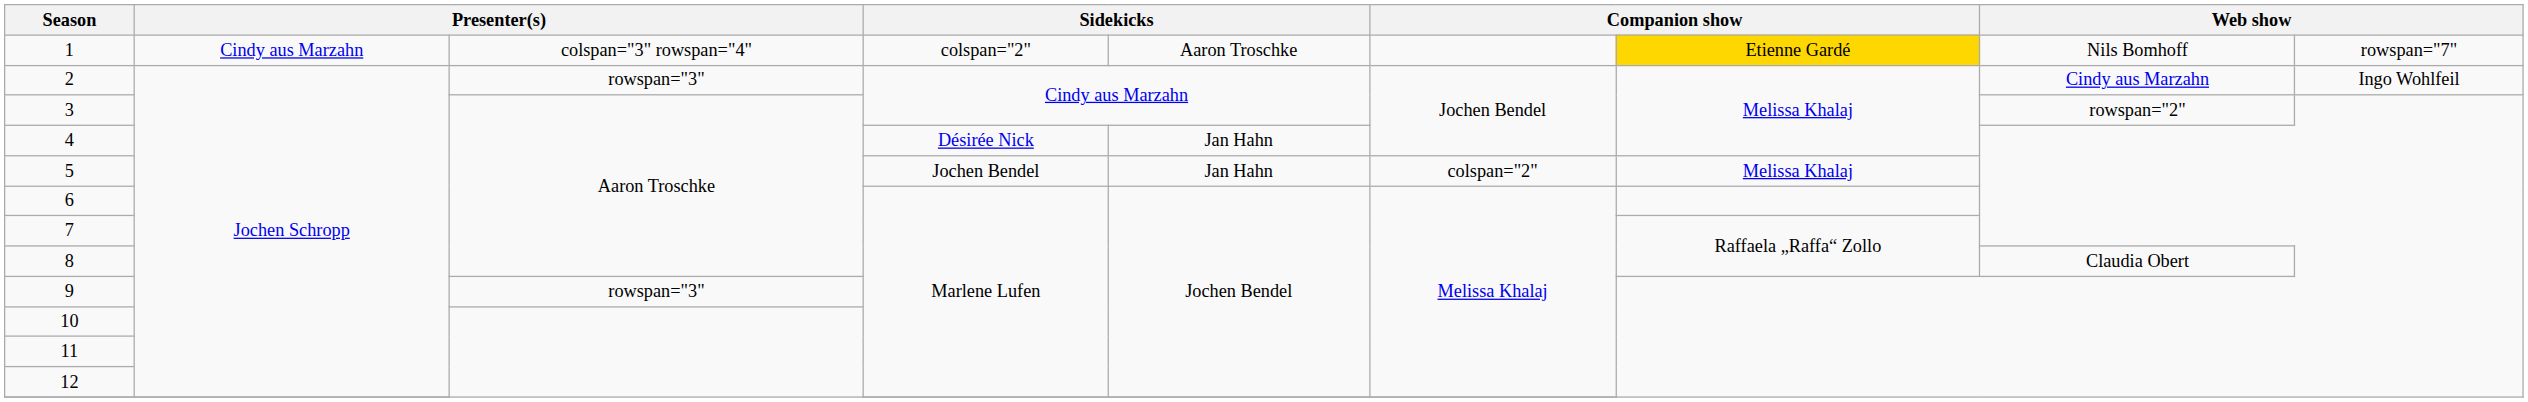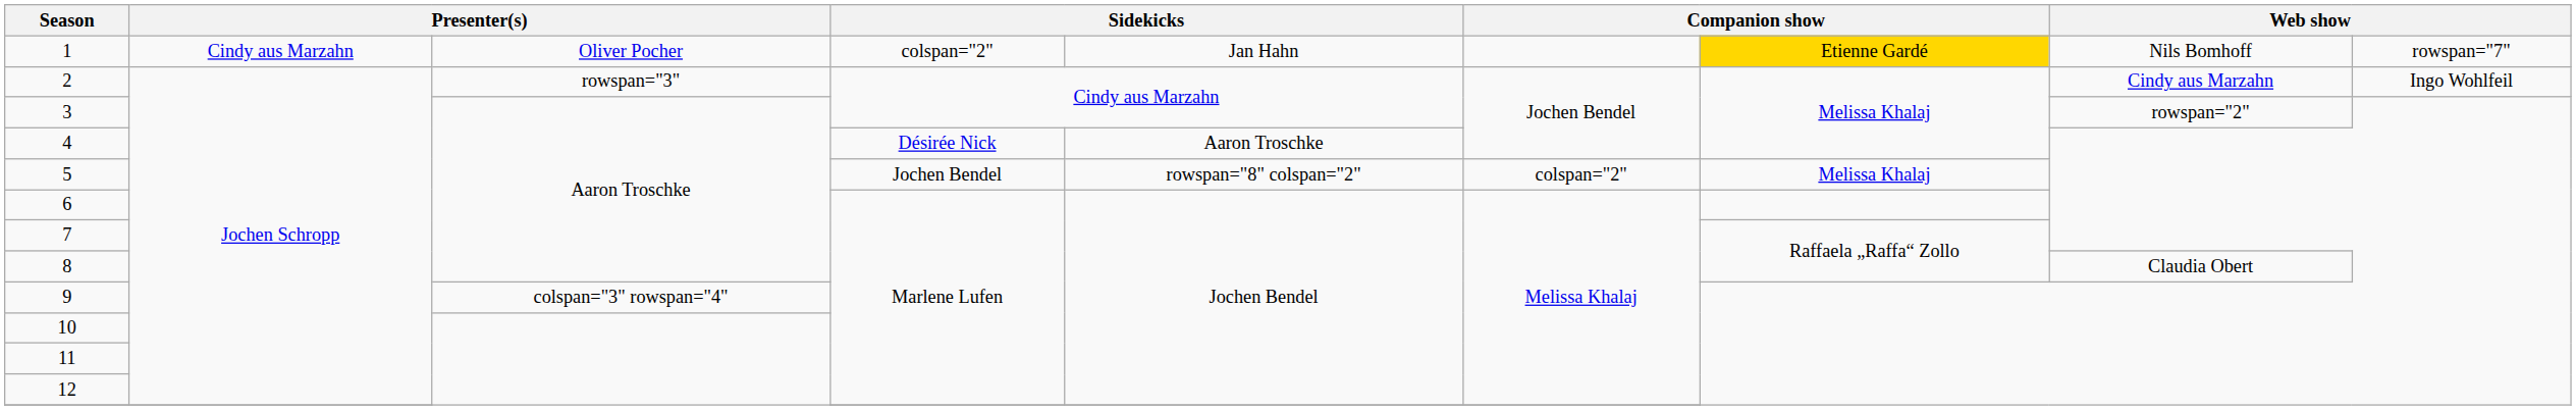 <table class="wikitable float-right" style="width:100%; text-align:center; font-size:90%;">
 <tr>
 <th>Season</th>
 <th colspan="2">Presenter(s)</th>
 <th colspan="2">Sidekicks</th>
 <th colspan="2">Companion show</th>
 <th colspan="3">Web show</th>
 </tr>
 <tr>
 <td>1</td>
 <td><a href='#'>Cindy aus Marzahn</a></td>
-<td>colspan="3" rowspan="4" </td>
+<td><a href='#'>Oliver Pocher</a></td>
 <td>colspan="2" </td>
-<td>Aaron Troschke</td>
+<td>Jan Hahn</td>
 <td></td>
 <td style="background: gold;">Etienne Gardé</td>
 <td>Nils Bomhoff</td>
 <td>rowspan="7" </td>
 </tr>
 <tr>
 <td>2</td>
 <td rowspan="11"><a href='#'>Jochen Schropp</a></td>
 <td>rowspan="3" </td>
 <td rowspan="2" colspan="2"><a href='#'>Cindy aus Marzahn</a></td>
 <td rowspan="3">Jochen Bendel</td>
 <td rowspan="3"><a href='#'>Melissa Khalaj</a></td>
 <td><a href='#'>Cindy aus Marzahn</a></td>
 <td>Ingo Wohlfeil</td>
 </tr>
 <tr>
 <td>3</td>
 <td rowspan="6">Aaron Troschke</td>
 <td>rowspan="2" </td>
 </tr>
 <tr>
 <td>4</td>
 <td><a href='#'>Désirée Nick</a></td>
-<td>Jan Hahn</td>
+<td>Aaron Troschke</td>
 </tr>
 <tr>
 <td>5</td>
 <td>Jochen Bendel</td>
-<td>Jan Hahn</td>
+<td>rowspan="8" colspan="2" </td>
 <td>colspan="2" </td>
 <td><a href='#'>Melissa Khalaj</a></td>
 </tr>
 <tr>
 <td>6</td>
 <td rowspan="7">Marlene Lufen</td>
 <td rowspan="7">Jochen Bendel</td>
 <td rowspan="7"><a href='#'>Melissa Khalaj</a></td>
 <td></td>
 </tr>
 <tr>
 <td>7</td>
 <td rowspan="2">Raffaela „Raffa“ Zollo</td>
 </tr>
 <tr>
 <td>8</td>
 <td>Claudia Obert</td>
 </tr>
 <tr>
 <td>9</td>
-<td>rowspan="3" </td>
+<td>colspan="3" rowspan="4" </td>
 </tr>
 <tr>
 <td>10</td>
 </tr>
 <tr>
 <td>11</td>
 </tr>
 <tr>
 <td>12</td>
 </tr>
 <tr>
 </tr>
 </table>
